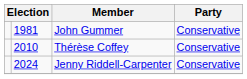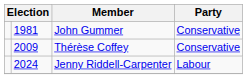 <table class="wikitable">
 <tr>
 <th colspan="2">Election</th>
 <th>Member</th>
 <th>Party</th>
 </tr>
 <tr>
 <td style="color:inherit;background-color: "></td>
 <td><a href='#'>1981</a></td>
 <td><a href='#'>John Gummer</a></td>
 <td><a href='#'>Conservative</a></td>
 </tr>
 <tr>
 <td style="color:inherit;background-color: "></td>
-<td><a href='#'>2010</a></td>
+<td><a href='#'>2009</a></td>
 <td><a href='#'>Thérèse Coffey</a></td>
 <td><a href='#'>Conservative</a></td>
 </tr>
 <tr>
 <td style="color:inherit;background-color: "></td>
 <td><a href='#'>2024</a></td>
 <td><a href='#'>Jenny Riddell-Carpenter</a></td>
-<td><a href='#'>Conservative</a></td>
+<td><a href='#'>Labour</a></td>
 </tr>
 <tr>
 </tr>
 </table>
